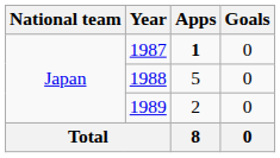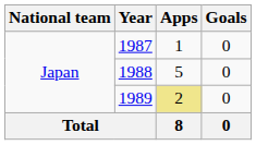 <table class="wikitable" style="text-align:center">
 <tr>
 <th>National team</th>
 <th>Year</th>
 <th>Apps</th>
 <th>Goals</th>
 </tr>
 <tr>
 <td rowspan="3"><a href='#'>Japan</a></td>
 <td><a href='#'>1987</a></td>
-<td><strong>1</strong></td>
+<td>1</td>
 <td>0</td>
 </tr>
 <tr>
 <td><a href='#'>1988</a></td>
 <td>5</td>
 <td>0</td>
 </tr>
 <tr>
 <td><a href='#'>1989</a></td>
-<td>2</td>
+<td style="background: khaki;">2</td>
 <td>0</td>
 </tr>
 <tr>
 <th colspan="2">Total</th>
 <th>8</th>
 <th>0</th>
 </tr>
 </table>
